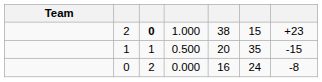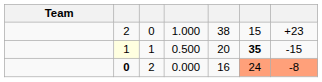 <table class="wikitable" style="text-align:center; width:50%">
 <tr>
 <th width="35%">Team</th>
 <th width="8%"></th>
 <th width="8%"></th>
 <th width="14%"></th>
 <th width="10%"></th>
 <th width="10%"></th>
 <th width="15%"></th>
 </tr>
 <tr>
 <td style="text-align:left;"></td>
 <td>2</td>
-<td><strong>0</strong></td>
+<td>0</td>
 <td>1.000</td>
 <td>38</td>
 <td>15</td>
 <td>+23</td>
 </tr>
 <tr>
 <td style="text-align:left;"></td>
-<td>1</td>
+<td style="background: lightyellow;">1</td>
 <td>1</td>
 <td>0.500</td>
 <td>20</td>
-<td>35</td>
+<td><strong>35</strong></td>
 <td>-15</td>
 </tr>
 <tr>
 <td style="text-align:left;"></td>
-<td>0</td>
+<td><strong>0</strong></td>
 <td>2</td>
 <td>0.000</td>
 <td>16</td>
-<td>24</td>
-<td>-8</td>
+<td style="background: lightsalmon;">24</td>
+<td style="background: lightsalmon;">-8</td>
 </tr>
 </table>
